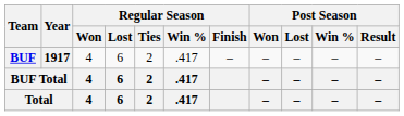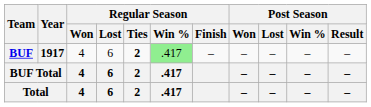 <table class="wikitable" style="font-size: 95%; text-align:center;">
 <tr>
 <th rowspan="2">Team</th>
 <th rowspan="2">Year</th>
 <th colspan="5">Regular Season</th>
 <th colspan="4">Post Season</th>
 </tr>
 <tr>
 <th>Won</th>
 <th>Lost</th>
 <th>Ties</th>
 <th>Win %</th>
 <th>Finish</th>
 <th>Won</th>
 <th>Lost</th>
 <th>Win %</th>
 <th>Result</th>
 </tr>
 <tr>
 <th><a href='#'>BUF</a></th>
 <th>1917</th>
 <td>4</td>
 <td>6</td>
-<td>2</td>
-<td>.417</td>
+<td><strong>2</strong></td>
+<td style="background: lightgreen;">.417</td>
 <td>–</td>
 <td>–</td>
 <td>–</td>
 <td>–</td>
 <td>–</td>
 </tr>
 <tr>
 <th colspan="2">BUF Total</th>
 <th>4</th>
 <th>6</th>
 <th>2</th>
 <th>.417</th>
 <th></th>
 <th>–</th>
 <th>–</th>
 <th>–</th>
 <th>–</th>
 </tr>
 <tr>
 <th colspan="2">Total</th>
 <th>4</th>
 <th>6</th>
 <th>2</th>
 <th>.417</th>
 <th></th>
 <th>–</th>
 <th>–</th>
 <th>–</th>
 <th>–</th>
 </tr>
 </table>
